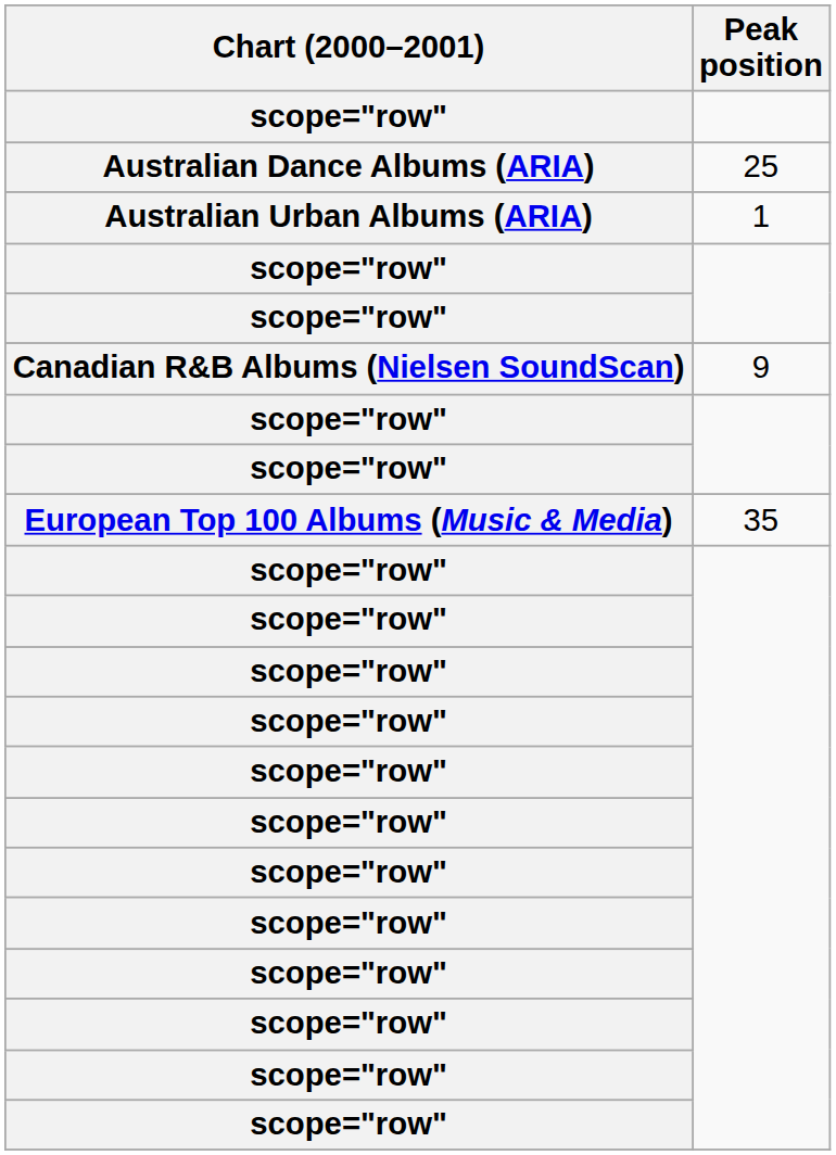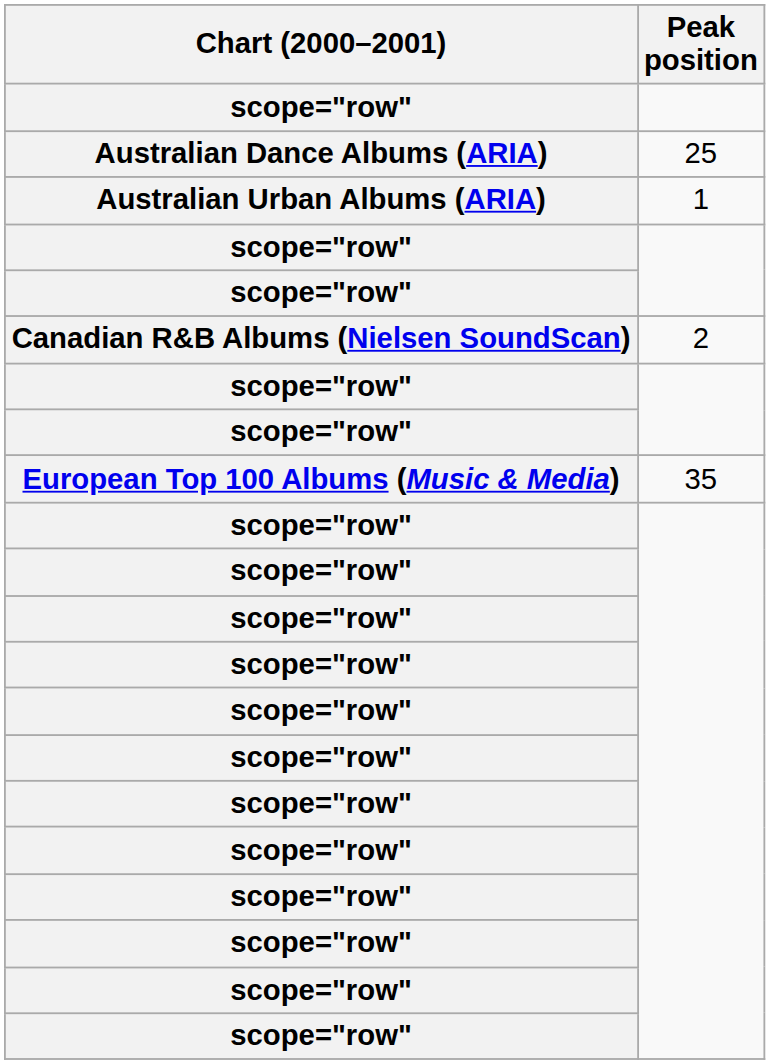 <table class="wikitable sortable plainrowheaders">
 <tr>
 <th>Chart (2000–2001)</th>
 <th>Peak<br>position</th>
 </tr>
 <tr>
 <th>scope="row" </th>
 </tr>
 <tr>
 <th scope="row">Australian Dance Albums (<a href='#'>ARIA</a>)</th>
 <td align="center">25</td>
 </tr>
 <tr>
 <th scope="row">Australian Urban Albums (<a href='#'>ARIA</a>)</th>
 <td align="center">1</td>
 </tr>
 <tr>
 <th>scope="row" </th>
 </tr>
 <tr>
 <th>scope="row" </th>
 </tr>
 <tr>
 <th scope="row">Canadian R&B Albums (<a href='#'>Nielsen SoundScan</a>)</th>
-<td style="text-align:center;">9</td>
+<td style="text-align:center;">2</td>
 </tr>
 <tr>
 <th>scope="row" </th>
 </tr>
 <tr>
 <th>scope="row" </th>
 </tr>
 <tr>
 <th scope="row"><a href='#'>European Top 100 Albums</a> (<em><a href='#'>Music & Media</a></em>)</th>
 <td style="text-align:center;">35</td>
 </tr>
 <tr>
 <th>scope="row" </th>
 </tr>
 <tr>
 <th>scope="row" </th>
 </tr>
 <tr>
 <th>scope="row" </th>
 </tr>
 <tr>
 <th>scope="row" </th>
 </tr>
 <tr>
 <th>scope="row" </th>
 </tr>
 <tr>
 <th>scope="row" </th>
 </tr>
 <tr>
 <th>scope="row" </th>
 </tr>
 <tr>
 <th>scope="row" </th>
 </tr>
 <tr>
 <th>scope="row" </th>
 </tr>
 <tr>
 <th>scope="row" </th>
 </tr>
 <tr>
 <th>scope="row" </th>
 </tr>
 <tr>
 <th>scope="row" </th>
 </tr>
 </table>
